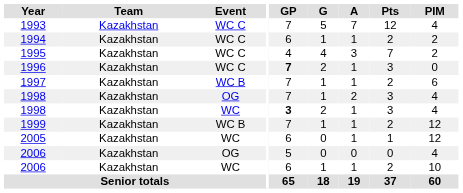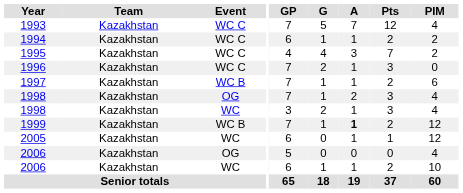 <table border="0" cellpadding="1" cellspacing="0" style="text-align:center; width:40em">
 <tr bgcolor="#e0e0e0">
 <th>Year</th>
 <th>Team</th>
 <th>Event</th>
 <th rowspan="99" bgcolor="#ffffff"></th>
 <th>GP</th>
 <th>G</th>
 <th>A</th>
 <th>Pts</th>
 <th>PIM</th>
 </tr>
 <tr>
 <td><a href='#'>1993</a></td>
 <td><a href='#'>Kazakhstan</a></td>
 <td><a href='#'>WC C</a></td>
 <td>7</td>
 <td>5</td>
 <td>7</td>
 <td>12</td>
 <td>4</td>
 </tr>
 <tr bgcolor="#f0f0f0">
 <td><a href='#'>1994</a></td>
 <td>Kazakhstan</td>
 <td>WC C</td>
 <td>6</td>
 <td>1</td>
 <td>1</td>
 <td>2</td>
 <td>2</td>
 </tr>
 <tr>
 <td><a href='#'>1995</a></td>
 <td>Kazakhstan</td>
 <td>WC C</td>
 <td>4</td>
 <td>4</td>
 <td>3</td>
 <td>7</td>
 <td>2</td>
 </tr>
 <tr bgcolor="#f0f0f0">
 <td><a href='#'>1996</a></td>
 <td>Kazakhstan</td>
 <td>WC C</td>
-<td><strong>7</strong></td>
+<td>7</td>
 <td>2</td>
 <td>1</td>
 <td>3</td>
 <td>0</td>
 </tr>
 <tr>
 <td><a href='#'>1997</a></td>
 <td>Kazakhstan</td>
 <td><a href='#'>WC B</a></td>
 <td>7</td>
 <td>1</td>
 <td>1</td>
 <td>2</td>
 <td>6</td>
 </tr>
 <tr bgcolor="#f0f0f0">
 <td><a href='#'>1998</a></td>
 <td>Kazakhstan</td>
 <td><a href='#'>OG</a></td>
 <td>7</td>
 <td>1</td>
 <td>2</td>
 <td>3</td>
 <td>4</td>
 </tr>
 <tr>
 <td><a href='#'>1998</a></td>
 <td>Kazakhstan</td>
 <td><a href='#'>WC</a></td>
-<td><strong>3</strong></td>
+<td>3</td>
 <td>2</td>
 <td>1</td>
 <td>3</td>
 <td>4</td>
 </tr>
 <tr bgcolor="#f0f0f0">
 <td><a href='#'>1999</a></td>
 <td>Kazakhstan</td>
 <td>WC B</td>
 <td>7</td>
 <td>1</td>
-<td>1</td>
+<td><strong>1</strong></td>
 <td>2</td>
 <td>12</td>
 </tr>
 <tr>
 <td><a href='#'>2005</a></td>
 <td>Kazakhstan</td>
 <td>WC</td>
 <td>6</td>
 <td>0</td>
 <td>1</td>
 <td>1</td>
 <td>12</td>
 </tr>
 <tr bgcolor="#f0f0f0">
 <td><a href='#'>2006</a></td>
 <td>Kazakhstan</td>
 <td>OG</td>
 <td>5</td>
 <td>0</td>
 <td>0</td>
 <td>0</td>
 <td>4</td>
 </tr>
 <tr>
 <td><a href='#'>2006</a></td>
 <td>Kazakhstan</td>
 <td>WC</td>
 <td>6</td>
 <td>1</td>
 <td>1</td>
 <td>2</td>
 <td>10</td>
 </tr>
 <tr bgcolor="#e0e0e0">
 <th colspan="3">Senior totals</th>
 <th>65</th>
 <th>18</th>
 <th>19</th>
 <th>37</th>
 <th>60</th>
 </tr>
 </table>
